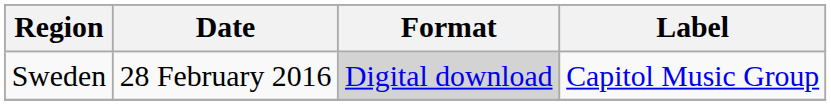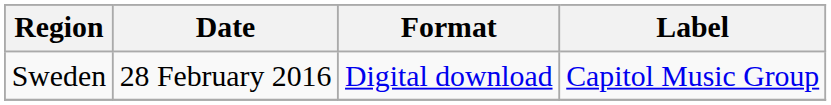 <table class=wikitable>
 <tr>
 <th>Region</th>
 <th>Date</th>
 <th>Format</th>
 <th>Label</th>
 </tr>
 <tr>
 <td>Sweden</td>
 <td>28 February 2016</td>
-<td style="background: lightgrey;"><a href='#'>Digital download</a></td>
+<td><a href='#'>Digital download</a></td>
 <td><a href='#'>Capitol Music Group</a></td>
 </tr>
 <tr>
 </tr>
 </table>
